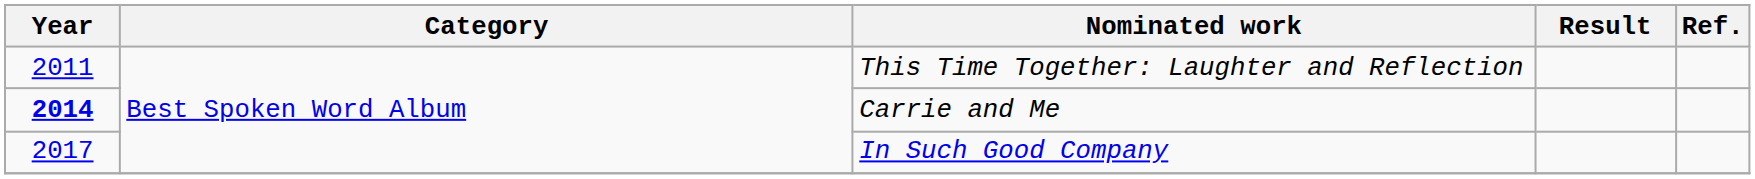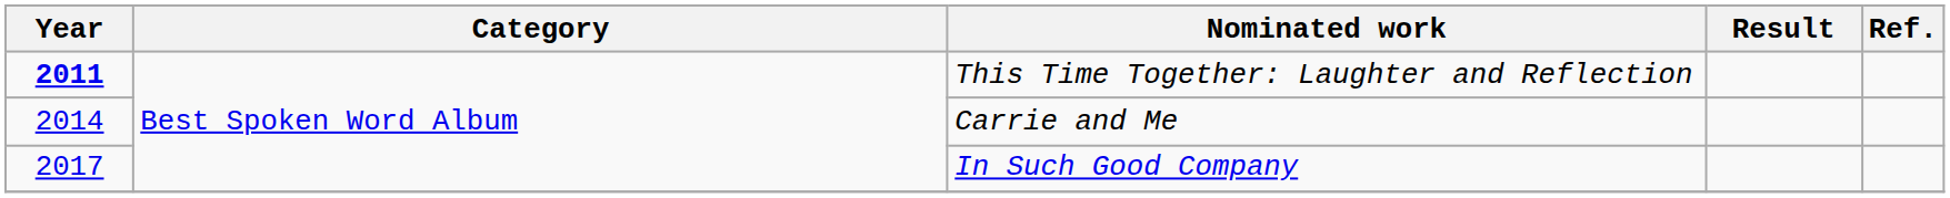 <table class=wikitable sortable>
 <tr>
 <th scope="col" style="width:4em;">Year</th>
 <th scope="col" style="width:28em;">Category</th>
 <th scope="col" style="width:26em;">Nominated work</th>
 <th scope="col" style="width:5em;">Result</th>
 <th>Ref.</th>
 </tr>
 <tr>
-<td style="text-align:center;"><a href='#'>2011</a></td>
+<td style="text-align:center;"><strong><a href='#'>2011</a></strong></td>
 <td rowspan=3><a href='#'>Best Spoken Word Album</a></td>
 <td><em>This Time Together: Laughter and Reflection</em></td>
 <td></td>
 <td style="text-align:center;"></td>
 </tr>
 <tr>
-<td style="text-align:center;"><strong><a href='#'>2014</a></strong></td>
+<td style="text-align:center;"><a href='#'>2014</a></td>
 <td><em>Carrie and Me</em></td>
 <td></td>
 <td style="text-align:center;"></td>
 </tr>
 <tr>
 <td style="text-align:center;"><a href='#'>2017</a></td>
 <td><em><a href='#'>In Such Good Company</a></em></td>
 <td></td>
 <td style="text-align:center;"></td>
 </tr>
 <tr>
 </tr>
 </table>
